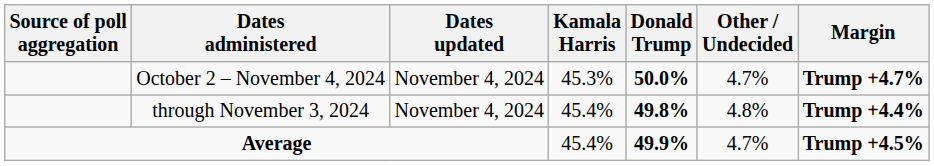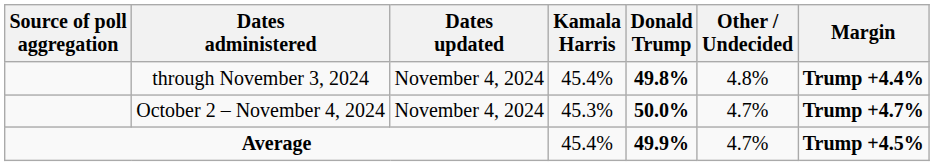 <table class="wikitable sortable" style="text-align:center;font-size:90%;line-height:17px">
 <tr>
 <th>Source of poll<br>aggregation</th>
 <th>Dates<br>administered</th>
 <th>Dates<br>updated</th>
 <th class="unsortable">Kamala<br>Harris<br><small></small></th>
 <th class="unsortable">Donald<br>Trump<br><small></small></th>
 <th>Other /<br>Undecided<br></th>
 <th>Margin</th>
 </tr>
 <tr>
 <td></td>
+<td>through November 3, 2024</td>
+<td>November 4, 2024</td>
+<td>45.4%</td>
+<td style="background-color:"><strong>49.8%</strong></td>
+<td>4.8%</td>
+<td style="background-color:"><strong>Trump +4.4%</strong></td>
+</tr>
+<tr>
+<td></td>
 <td>October 2 – November 4, 2024</td>
 <td>November 4, 2024</td>
 <td>45.3%</td>
 <td style="background-color:"><strong>50.0%</strong></td>
 <td>4.7%</td>
 <td style="background-color:"><strong>Trump +4.7%</strong></td>
-</tr>
-<tr>
-<td></td>
-<td>through November 3, 2024</td>
-<td>November 4, 2024</td>
-<td>45.4%</td>
-<td style="background-color:"><strong>49.8%</strong></td>
-<td>4.8%</td>
-<td style="background-color:"><strong>Trump +4.4%</strong></td>
 </tr>
 <tr>
 <td colspan="3"><strong>Average</strong></td>
 <td>45.4%</td>
 <td style="background-color:"><strong>49.9%</strong></td>
 <td>4.7%</td>
 <td style="background-color:"><strong>Trump +4.5%</strong></td>
 </tr>
 </table>
